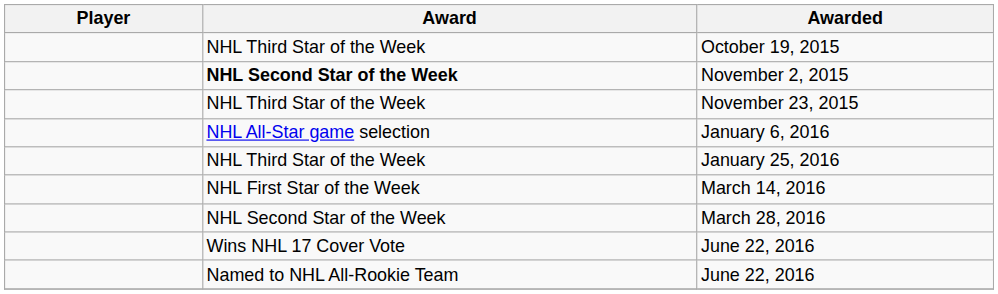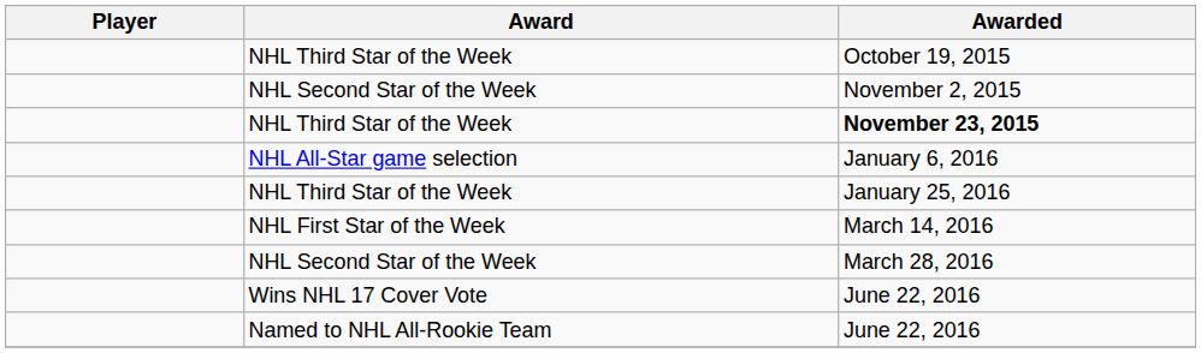 <table class="wikitable sortable" style="width:100%;">
 <tr>
 <th style="width:20%;">Player</th>
 <th style="width:50%;">Award</th>
 <th style="width:30%;" data-sort-type="date">Awarded</th>
 </tr>
 <tr>
 <td></td>
 <td>NHL Third Star of the Week</td>
 <td>October 19, 2015</td>
 </tr>
 <tr>
 <td></td>
-<td><strong>NHL Second Star of the Week</strong></td>
+<td>NHL Second Star of the Week</td>
 <td>November 2, 2015</td>
 </tr>
 <tr>
 <td></td>
 <td>NHL Third Star of the Week</td>
-<td>November 23, 2015</td>
+<td><strong>November 23, 2015</strong></td>
 </tr>
 <tr>
 <td></td>
 <td><a href='#'>NHL All-Star game</a> selection</td>
 <td>January 6, 2016</td>
 </tr>
 <tr>
 <td></td>
 <td>NHL Third Star of the Week</td>
 <td>January 25, 2016</td>
 </tr>
 <tr>
 <td></td>
 <td>NHL First Star of the Week</td>
 <td>March 14, 2016</td>
 </tr>
 <tr>
 <td></td>
 <td>NHL Second Star of the Week</td>
 <td>March 28, 2016</td>
 </tr>
 <tr>
 <td></td>
 <td>Wins NHL 17 Cover Vote</td>
 <td>June 22, 2016</td>
 </tr>
 <tr>
 <td></td>
 <td>Named to NHL All-Rookie Team</td>
 <td>June 22, 2016</td>
 </tr>
 <tr>
 </tr>
 </table>
